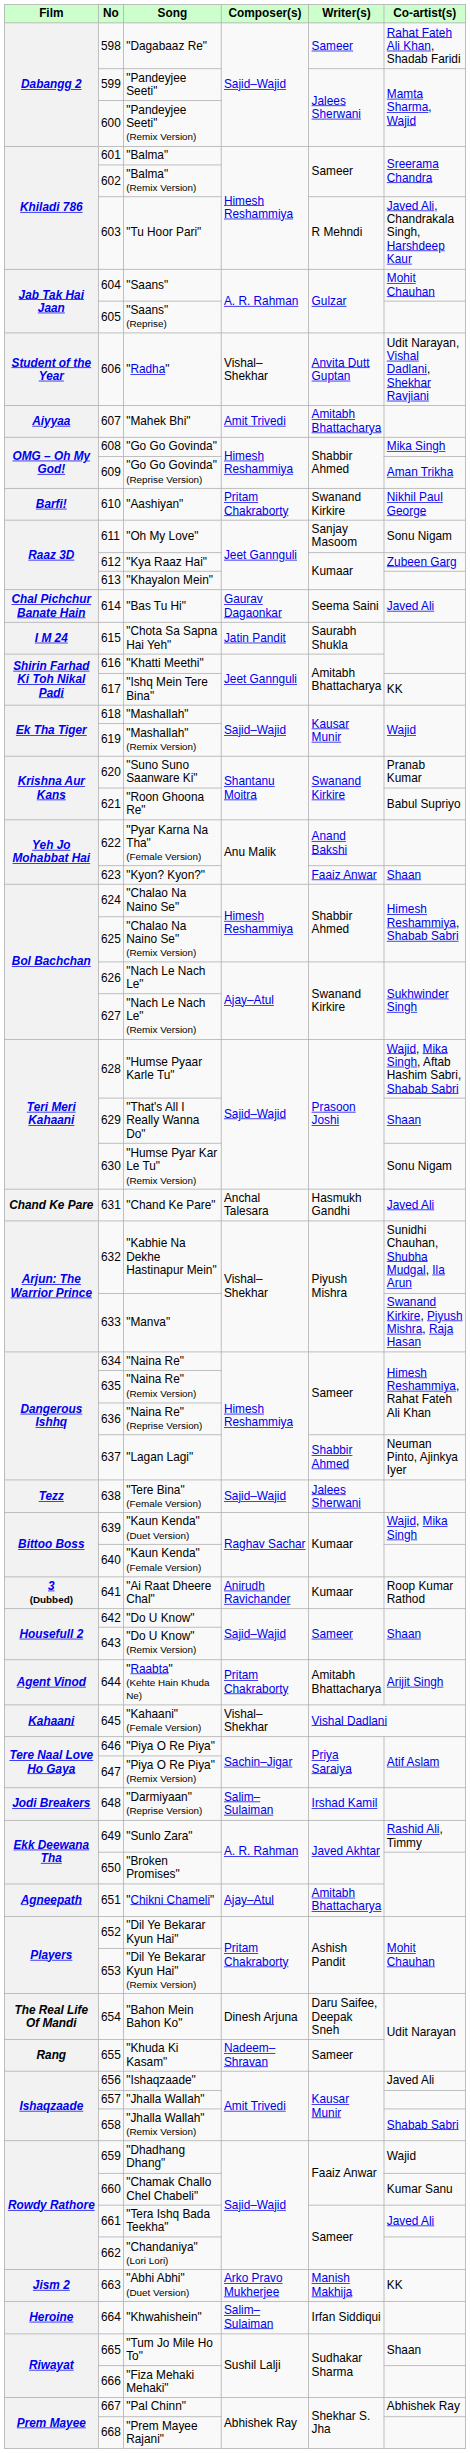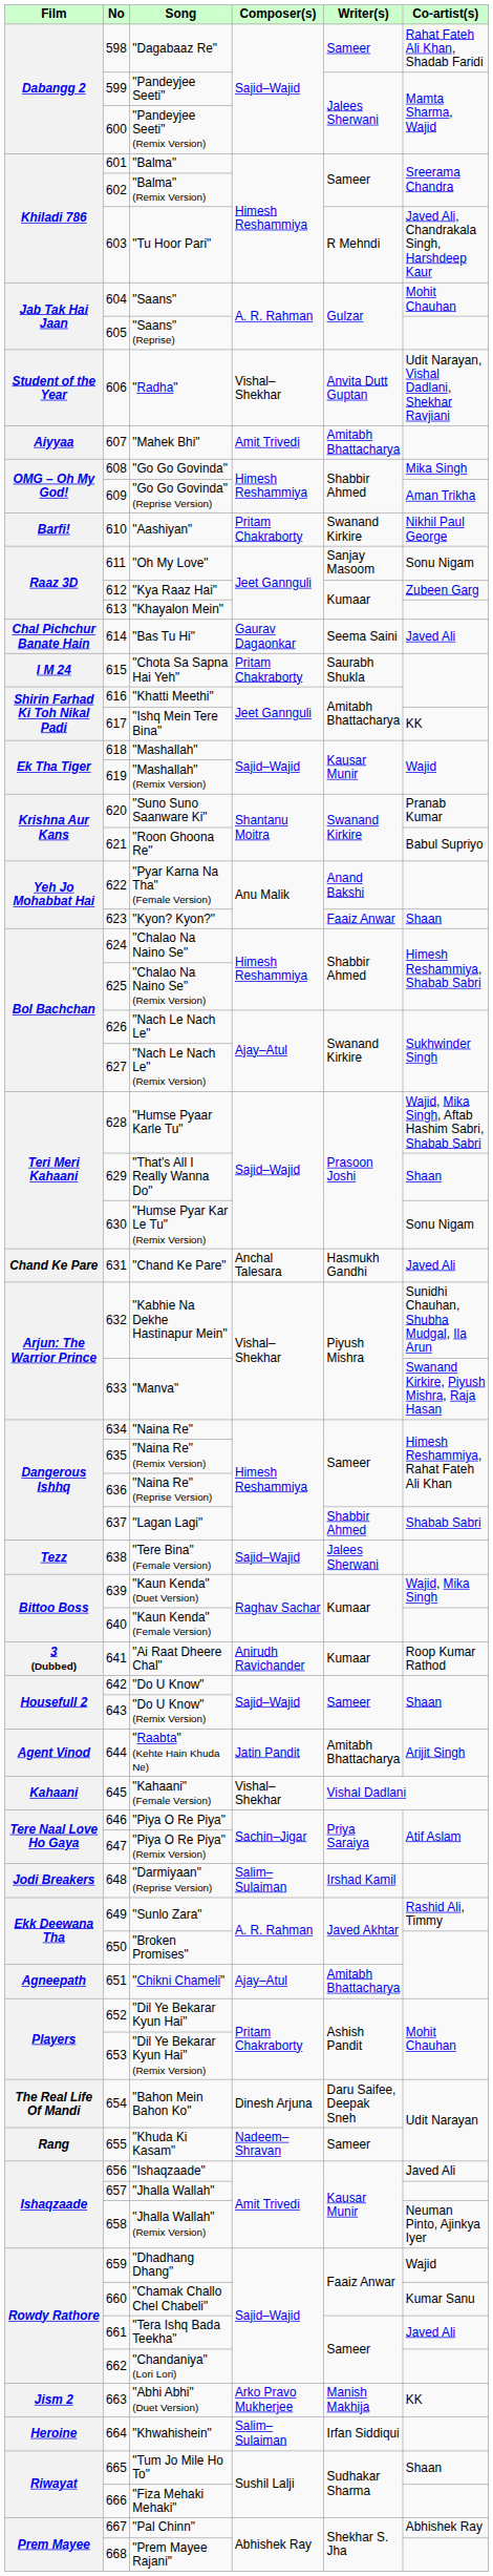 <table class="wikitable plainrowheaders" style="width:100%; textcolor:#000">
 <tr style="background:#cfc; text-align:center;">
 <td scope="col" style="width:23%;"><strong>Film</strong></td>
 <td><strong>No</strong></td>
 <td scope="col" style="width:23%;"><strong>Song</strong></td>
 <td scope="col" style="width:20%;"><strong>Composer(s)</strong></td>
 <td scope="col" style="width:16%;"><strong>Writer(s)</strong></td>
 <td scope="col" style="width:18%;"><strong>Co-artist(s)</strong></td>
 </tr>
 <tr>
 <th scope="row" rowspan="3"><em><a href='#'>Dabangg 2</a></em></th>
 <td>598</td>
 <td>"Dagabaaz Re"</td>
 <td rowspan="3"><a href='#'>Sajid–Wajid</a></td>
 <td><a href='#'>Sameer</a></td>
 <td><a href='#'>Rahat Fateh Ali Khan</a>, Shadab Faridi</td>
 </tr>
 <tr>
 <td>599</td>
 <td>"Pandeyjee Seeti"</td>
 <td rowspan="2"><a href='#'>Jalees Sherwani</a></td>
 <td rowspan="2"><a href='#'>Mamta Sharma</a>, <a href='#'>Wajid</a></td>
 </tr>
 <tr>
 <td>600</td>
 <td>"Pandeyjee Seeti" <br><small>(Remix Version)</small></td>
 </tr>
 <tr>
 <th scope="row" rowspan="3"><em><a href='#'>Khiladi 786</a></em></th>
 <td>601</td>
 <td>"Balma"</td>
 <td rowspan="3"><a href='#'>Himesh Reshammiya</a></td>
 <td rowspan="2">Sameer</td>
 <td rowspan="2"><a href='#'>Sreerama Chandra</a></td>
 </tr>
 <tr>
 <td>602</td>
 <td>"Balma" <br><small>(Remix Version)</small></td>
 </tr>
 <tr>
 <td>603</td>
 <td>"Tu Hoor Pari"</td>
 <td>R Mehndi</td>
 <td><a href='#'>Javed Ali</a>, Chandrakala Singh, <a href='#'>Harshdeep Kaur</a></td>
 </tr>
 <tr>
 <th scope="row" rowspan="2"><em><a href='#'>Jab Tak Hai Jaan</a></em></th>
 <td>604</td>
 <td>"Saans"</td>
 <td rowspan="2"><a href='#'>A. R. Rahman</a></td>
 <td rowspan="2"><a href='#'>Gulzar</a></td>
 <td><a href='#'>Mohit Chauhan</a></td>
 </tr>
 <tr>
 <td>605</td>
 <td>"Saans"<br><small>(Reprise)</small></td>
 <td></td>
 </tr>
 <tr>
 <th scope="row"><em><a href='#'>Student of the Year</a></em></th>
 <td>606</td>
 <td>"<a href='#'>Radha</a>"</td>
 <td>Vishal–Shekhar</td>
 <td><a href='#'>Anvita Dutt Guptan</a></td>
 <td>Udit Narayan, <a href='#'>Vishal Dadlani</a>, <a href='#'>Shekhar Ravjiani</a></td>
 </tr>
 <tr>
 <th scope="row"><em><a href='#'>Aiyyaa</a></em></th>
 <td>607</td>
 <td>"Mahek Bhi"</td>
 <td><a href='#'>Amit Trivedi</a></td>
 <td><a href='#'>Amitabh Bhattacharya</a></td>
 <td></td>
 </tr>
 <tr>
 <th scope="row" rowspan="2"><em><a href='#'>OMG – Oh My God!</a></em></th>
 <td>608</td>
 <td>"Go Go Govinda"</td>
 <td rowspan="2"><a href='#'>Himesh Reshammiya</a></td>
 <td rowspan="2">Shabbir Ahmed</td>
 <td><a href='#'>Mika Singh</a></td>
 </tr>
 <tr>
 <td>609</td>
 <td>"Go Go Govinda" <br><small>(Reprise Version)</small></td>
 <td><a href='#'>Aman Trikha</a></td>
 </tr>
 <tr>
 <th scope="row"><em><a href='#'>Barfi!</a></em></th>
 <td>610</td>
 <td>"Aashiyan"</td>
 <td><a href='#'>Pritam Chakraborty</a></td>
 <td>Swanand Kirkire</td>
 <td><a href='#'>Nikhil Paul George</a></td>
 </tr>
 <tr>
 <th scope="row" rowspan="3"><em><a href='#'>Raaz 3D</a></em></th>
 <td>611</td>
 <td>"Oh My Love"</td>
 <td rowspan="3"><a href='#'>Jeet Gannguli</a></td>
 <td>Sanjay Masoom</td>
 <td>Sonu Nigam</td>
 </tr>
 <tr>
 <td>612</td>
 <td>"Kya Raaz Hai"</td>
 <td rowspan="2">Kumaar</td>
 <td><a href='#'>Zubeen Garg</a></td>
 </tr>
 <tr>
 <td>613</td>
 <td>"Khayalon Mein"</td>
 <td></td>
 </tr>
 <tr>
 <th scope="row"><em><a href='#'>Chal Pichchur Banate Hain</a></em></th>
 <td>614</td>
 <td>"Bas Tu Hi"</td>
 <td><a href='#'>Gaurav Dagaonkar</a></td>
 <td>Seema Saini</td>
 <td><a href='#'>Javed Ali</a></td>
 </tr>
 <tr>
 <th scope="row"><em><a href='#'>I M 24</a></em></th>
 <td>615</td>
 <td>"Chota Sa Sapna Hai Yeh"</td>
-<td><a href='#'>Jatin Pandit</a></td>
+<td><a href='#'>Pritam Chakraborty</a></td>
 <td>Saurabh Shukla</td>
 <td rowspan="2"></td>
 </tr>
 <tr>
 <th scope="row" rowspan="2"><em><a href='#'>Shirin Farhad Ki Toh Nikal Padi</a></em></th>
 <td>616</td>
 <td>"Khatti Meethi"</td>
 <td rowspan="2"><a href='#'>Jeet Gannguli</a></td>
 <td rowspan="2">Amitabh Bhattacharya</td>
 </tr>
 <tr>
 <td>617</td>
 <td>"Ishq Mein Tere Bina"</td>
 <td>KK</td>
 </tr>
 <tr>
 <th scope="row" rowspan="2"><em><a href='#'>Ek Tha Tiger</a></em></th>
 <td>618</td>
 <td>"Mashallah"</td>
 <td rowspan="2"><a href='#'>Sajid–Wajid</a></td>
 <td rowspan="2"><a href='#'>Kausar Munir</a></td>
 <td rowspan="2"><a href='#'>Wajid</a></td>
 </tr>
 <tr>
 <td>619</td>
 <td>"Mashallah" <br><small>(Remix Version)</small></td>
 </tr>
 <tr>
 <th scope="row" rowspan="2"><em><a href='#'>Krishna Aur Kans</a></em></th>
 <td>620</td>
 <td>"Suno Suno Saanware Ki"</td>
 <td rowspan="2"><a href='#'>Shantanu Moitra</a></td>
 <td rowspan="2"><a href='#'>Swanand Kirkire</a></td>
 <td>Pranab Kumar</td>
 </tr>
 <tr>
 <td>621</td>
 <td>"Roon Ghoona Re"</td>
 <td>Babul Supriyo</td>
 </tr>
 <tr>
 <th scope="row" rowspan="2"><em><a href='#'>Yeh Jo Mohabbat Hai</a></em></th>
 <td>622</td>
 <td>"Pyar Karna Na Tha" <br><small>(Female Version)</small></td>
 <td rowspan="2">Anu Malik</td>
 <td><a href='#'>Anand Bakshi</a></td>
 <td></td>
 </tr>
 <tr>
 <td>623</td>
 <td>"Kyon? Kyon?"</td>
 <td><a href='#'>Faaiz Anwar</a></td>
 <td><a href='#'>Shaan</a></td>
 </tr>
 <tr>
 <th scope="row" rowspan="4"><em><a href='#'>Bol Bachchan</a></em></th>
 <td>624</td>
 <td>"Chalao Na Naino Se"</td>
 <td rowspan="2"><a href='#'>Himesh Reshammiya</a></td>
 <td rowspan="2">Shabbir Ahmed</td>
 <td rowspan="2"><a href='#'>Himesh Reshammiya</a>, <a href='#'>Shabab Sabri</a></td>
 </tr>
 <tr>
 <td>625</td>
 <td>"Chalao Na Naino Se" <br><small>(Remix Version)</small></td>
 </tr>
 <tr>
 <td>626</td>
 <td>"Nach Le Nach Le"</td>
 <td rowspan="2"><a href='#'>Ajay–Atul</a></td>
 <td rowspan="2">Swanand Kirkire</td>
 <td rowspan="2"><a href='#'>Sukhwinder Singh</a></td>
 </tr>
 <tr>
 <td>627</td>
 <td>"Nach Le Nach Le" <br><small>(Remix Version)</small></td>
 </tr>
 <tr>
 <th scope="row" rowspan="3"><em><a href='#'>Teri Meri Kahaani</a></em></th>
 <td>628</td>
 <td>"Humse Pyaar Karle Tu"</td>
 <td rowspan="3"><a href='#'>Sajid–Wajid</a></td>
 <td rowspan="3"><a href='#'>Prasoon Joshi</a></td>
 <td><a href='#'>Wajid</a>, <a href='#'>Mika Singh</a>, Aftab Hashim Sabri, <a href='#'>Shabab Sabri</a></td>
 </tr>
 <tr>
 <td>629</td>
 <td>"That's All I Really Wanna Do"</td>
 <td><a href='#'>Shaan</a></td>
 </tr>
 <tr>
 <td>630</td>
 <td>"Humse Pyar Kar Le Tu" <br><small>(Remix Version)</small></td>
 <td>Sonu Nigam</td>
 </tr>
 <tr>
 <th scope="row"><em>Chand Ke Pare</em></th>
 <td>631</td>
 <td>"Chand Ke Pare"</td>
 <td>Anchal Talesara</td>
 <td>Hasmukh Gandhi</td>
 <td><a href='#'>Javed Ali</a></td>
 </tr>
 <tr>
 <th scope="row" rowspan="2"><em><a href='#'>Arjun: The Warrior Prince</a></em></th>
 <td>632</td>
 <td>"Kabhie Na Dekhe Hastinapur Mein"</td>
 <td rowspan="2">Vishal–Shekhar</td>
 <td rowspan="2">Piyush Mishra</td>
 <td>Sunidhi Chauhan, <a href='#'>Shubha Mudgal</a>, <a href='#'>Ila Arun</a></td>
 </tr>
 <tr>
 <td>633</td>
 <td>"Manva"</td>
 <td><a href='#'>Swanand Kirkire</a>, <a href='#'>Piyush Mishra</a>, <a href='#'>Raja Hasan</a></td>
 </tr>
 <tr>
 <th scope="row"  rowspan="4"><em><a href='#'>Dangerous Ishhq</a></em></th>
 <td>634</td>
 <td>"Naina Re"</td>
 <td rowspan="4"><a href='#'>Himesh Reshammiya</a></td>
 <td rowspan="3">Sameer</td>
 <td rowspan="3"><a href='#'>Himesh Reshammiya</a>, Rahat Fateh Ali Khan</td>
 </tr>
 <tr>
 <td>635</td>
 <td>"Naina Re" <br><small>(Remix Version)</small></td>
 </tr>
 <tr>
 <td>636</td>
 <td>"Naina Re" <br><small>(Reprise Version)</small></td>
 </tr>
 <tr>
 <td>637</td>
 <td>"Lagan Lagi"</td>
 <td><a href='#'>Shabbir Ahmed</a></td>
-<td>Neuman Pinto, Ajinkya Iyer</td>
+<td><a href='#'>Shabab Sabri</a></td>
 </tr>
 <tr>
 <th scope="row"><em><a href='#'>Tezz</a></em></th>
 <td>638</td>
 <td>"Tere Bina"  <br><small>(Female Version)</small></td>
 <td><a href='#'>Sajid–Wajid</a></td>
 <td><a href='#'>Jalees Sherwani</a></td>
 <td></td>
 </tr>
 <tr>
 <th scope="row" rowspan="2"><em><a href='#'>Bittoo Boss</a></em></th>
 <td>639</td>
 <td>"Kaun Kenda" <br><small>(Duet Version)</small></td>
 <td rowspan="2"><a href='#'>Raghav Sachar</a></td>
 <td rowspan="2">Kumaar</td>
 <td><a href='#'>Wajid</a>, <a href='#'>Mika Singh</a></td>
 </tr>
 <tr>
 <td>640</td>
 <td>"Kaun Kenda" <br><small>(Female Version)</small></td>
 <td></td>
 </tr>
 <tr>
 <th scope="row"><em><a href='#'>3</a></em><br><small>(Dubbed)</small></th>
 <td>641</td>
 <td>"Ai Raat Dheere Chal"</td>
 <td><a href='#'>Anirudh Ravichander</a></td>
 <td>Kumaar</td>
 <td>Roop Kumar Rathod</td>
 </tr>
 <tr>
 <th scope="row" rowspan="2"><em><a href='#'>Housefull 2</a></em></th>
 <td>642</td>
 <td>"Do U Know"</td>
 <td rowspan="2"><a href='#'>Sajid–Wajid</a></td>
 <td rowspan="2"><a href='#'>Sameer</a></td>
 <td rowspan="2"><a href='#'>Shaan</a></td>
 </tr>
 <tr>
 <td>643</td>
 <td>"Do U Know" <br><small>(Remix Version)</small></td>
 </tr>
 <tr>
 <th scope="row"><em><a href='#'>Agent Vinod</a></em></th>
 <td>644</td>
 <td>"<a href='#'>Raabta</a>" <br><small>(Kehte Hain Khuda Ne)</small></td>
-<td><a href='#'>Pritam Chakraborty</a></td>
+<td><a href='#'>Jatin Pandit</a></td>
 <td>Amitabh Bhattacharya</td>
 <td><a href='#'>Arijit Singh</a></td>
 </tr>
 <tr>
 <th scope="row"><em><a href='#'>Kahaani</a></em></th>
 <td>645</td>
 <td>"Kahaani" <br><small>(Female Version)</small></td>
 <td>Vishal–Shekhar</td>
 <td colspan="2"><a href='#'>Vishal Dadlani</a></td>
 </tr>
 <tr>
 <th scope="row" rowspan="2"><em><a href='#'>Tere Naal Love Ho Gaya</a></em></th>
 <td>646</td>
 <td>"Piya O Re Piya"</td>
 <td rowspan="2"><a href='#'>Sachin–Jigar</a></td>
 <td rowspan="2"><a href='#'>Priya Saraiya</a></td>
 <td rowspan="2"><a href='#'>Atif Aslam</a></td>
 </tr>
 <tr>
 <td>647</td>
 <td>"Piya O Re Piya" <br><small>(Remix Version)</small></td>
 </tr>
 <tr>
 <th scope="row"><em><a href='#'>Jodi Breakers</a></em></th>
 <td>648</td>
 <td>"Darmiyaan" <br><small>(Reprise Version)</small></td>
 <td><a href='#'>Salim–Sulaiman</a></td>
 <td><a href='#'>Irshad Kamil</a></td>
 <td></td>
 </tr>
 <tr>
 <th scope="row" rowspan="2"><em><a href='#'>Ekk Deewana Tha</a></em></th>
 <td>649</td>
 <td>"Sunlo Zara"</td>
 <td rowspan="2"><a href='#'>A. R. Rahman</a></td>
 <td rowspan="2"><a href='#'>Javed Akhtar</a></td>
 <td><a href='#'>Rashid Ali</a>, Timmy</td>
 </tr>
 <tr>
 <td>650</td>
 <td>"Broken Promises"</td>
 <td rowspan="2"></td>
 </tr>
 <tr>
 <th scope="row"><em><a href='#'>Agneepath</a></em></th>
 <td>651</td>
 <td>"<a href='#'>Chikni Chameli</a>"</td>
 <td><a href='#'>Ajay–Atul</a></td>
 <td><a href='#'>Amitabh Bhattacharya</a></td>
 </tr>
 <tr>
 <th scope="row" rowspan="2"><em><a href='#'>Players</a></em></th>
 <td>652</td>
 <td>"Dil Ye Bekarar Kyun Hai"</td>
 <td rowspan="2"><a href='#'>Pritam Chakraborty</a></td>
 <td rowspan="2">Ashish Pandit</td>
 <td rowspan="2"><a href='#'>Mohit Chauhan</a></td>
 </tr>
 <tr>
 <td>653</td>
 <td>"Dil Ye Bekarar Kyun Hai" <br><small>(Remix Version)</small></td>
 </tr>
 <tr>
 <th scope="row"><em>The Real Life Of Mandi</em></th>
 <td>654</td>
 <td>"Bahon Mein Bahon Ko"</td>
 <td>Dinesh Arjuna</td>
 <td>Daru Saifee, Deepak Sneh</td>
 <td rowspan="2">Udit Narayan</td>
 </tr>
 <tr>
 <th scope="row"><em>Rang</em></th>
 <td>655</td>
 <td>"Khuda Ki Kasam"</td>
 <td><a href='#'>Nadeem–Shravan</a></td>
 <td>Sameer</td>
 </tr>
 <tr>
 <th scope="row" rowspan="3"><em><a href='#'>Ishaqzaade</a></em></th>
 <td>656</td>
 <td>"Ishaqzaade"</td>
 <td rowspan="3"><a href='#'>Amit Trivedi</a></td>
 <td rowspan="3"><a href='#'>Kausar Munir</a></td>
 <td>Javed Ali</td>
 </tr>
 <tr>
 <td>657</td>
 <td>"Jhalla Wallah"</td>
 <td></td>
 </tr>
 <tr>
 <td>658</td>
 <td>"Jhalla Wallah"<br><small>(Remix Version)</small></td>
-<td><a href='#'>Shabab Sabri</a></td>
+<td>Neuman Pinto, Ajinkya Iyer</td>
 </tr>
 <tr>
 <th scope="row" rowspan="4"><em><a href='#'>Rowdy Rathore</a></em></th>
 <td>659</td>
 <td>"Dhadhang Dhang"</td>
 <td rowspan="4"><a href='#'>Sajid–Wajid</a></td>
 <td rowspan="2">Faaiz Anwar</td>
 <td>Wajid</td>
 </tr>
 <tr>
 <td>660</td>
 <td>"Chamak Challo Chel Chabeli"</td>
 <td>Kumar Sanu</td>
 </tr>
 <tr>
 <td>661</td>
 <td>"Tera Ishq Bada Teekha"</td>
 <td rowspan="2">Sameer</td>
 <td><a href='#'>Javed Ali</a></td>
 </tr>
 <tr>
 <td>662</td>
 <td>"Chandaniya"<br><small>(Lori Lori)</small></td>
 <td></td>
 </tr>
 <tr>
 <th scope="row"><em><a href='#'>Jism 2</a></em></th>
 <td>663</td>
 <td>"Abhi Abhi"<br><small>(Duet Version)</small></td>
 <td><a href='#'>Arko Pravo Mukherjee</a></td>
 <td><a href='#'>Manish Makhija</a></td>
 <td>KK</td>
 </tr>
 <tr>
 <th scope="row"><em><a href='#'>Heroine</a></em></th>
 <td>664</td>
 <td>"Khwahishein"</td>
 <td><a href='#'>Salim–Sulaiman</a></td>
 <td>Irfan Siddiqui</td>
 <td></td>
 </tr>
 <tr>
 <th scope="row" rowspan="2"><em><a href='#'>Riwayat</a></em></th>
 <td>665</td>
 <td>"Tum Jo Mile Ho To"</td>
 <td rowspan="2">Sushil Lalji</td>
 <td rowspan="2">Sudhakar Sharma</td>
 <td>Shaan</td>
 </tr>
 <tr>
 <td>666</td>
 <td>"Fiza Mehaki Mehaki"</td>
 <td></td>
 </tr>
 <tr>
 <th scope="row" rowspan="2"><em><a href='#'>Prem Mayee</a></em></th>
 <td>667</td>
 <td>"Pal Chinn"</td>
 <td rowspan="2">Abhishek Ray</td>
 <td rowspan="2">Shekhar S. Jha</td>
 <td>Abhishek Ray</td>
 </tr>
 <tr>
 <td>668</td>
 <td>"Prem Mayee Rajani"</td>
 <td></td>
 </tr>
 </table>
